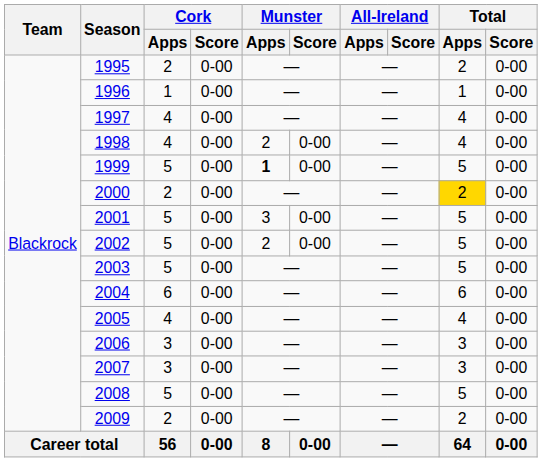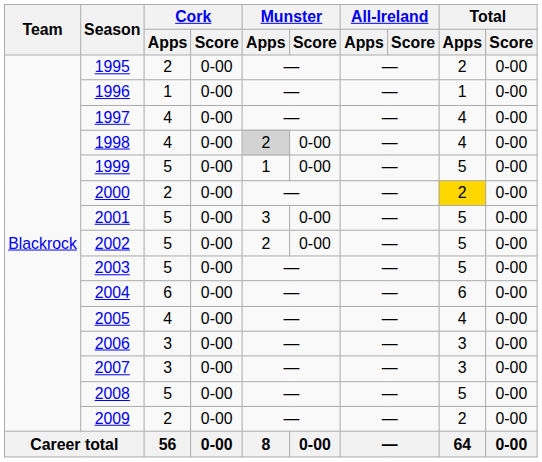 <table class="wikitable" style="text-align:center">
 <tr>
 <th rowspan="2">Team</th>
 <th rowspan="2">Season</th>
 <th colspan="2"><a href='#'>Cork</a></th>
 <th colspan="2"><a href='#'>Munster</a></th>
 <th colspan="2"><a href='#'>All-Ireland</a></th>
 <th colspan="2">Total</th>
 </tr>
 <tr>
 <th>Apps</th>
 <th>Score</th>
 <th>Apps</th>
 <th>Score</th>
 <th>Apps</th>
 <th>Score</th>
 <th>Apps</th>
 <th>Score</th>
 </tr>
 <tr>
 <td rowspan="15"><a href='#'>Blackrock</a></td>
 <td><a href='#'>1995</a></td>
 <td>2</td>
 <td>0-00</td>
 <td colspan=2>—</td>
 <td colspan=2>—</td>
 <td>2</td>
 <td>0-00</td>
 </tr>
 <tr>
 <td><a href='#'>1996</a></td>
 <td>1</td>
 <td>0-00</td>
 <td colspan=2>—</td>
 <td colspan=2>—</td>
 <td>1</td>
 <td>0-00</td>
 </tr>
 <tr>
 <td><a href='#'>1997</a></td>
 <td>4</td>
 <td>0-00</td>
 <td colspan=2>—</td>
 <td colspan=2>—</td>
 <td>4</td>
 <td>0-00</td>
 </tr>
 <tr>
 <td><a href='#'>1998</a></td>
 <td>4</td>
 <td>0-00</td>
-<td>2</td>
+<td style="background: lightgrey;">2</td>
 <td>0-00</td>
 <td colspan=2>—</td>
 <td>4</td>
 <td>0-00</td>
 </tr>
 <tr>
 <td><a href='#'>1999</a></td>
 <td>5</td>
 <td>0-00</td>
-<td><strong>1</strong></td>
+<td>1</td>
 <td>0-00</td>
 <td colspan=2>—</td>
 <td>5</td>
 <td>0-00</td>
 </tr>
 <tr>
 <td><a href='#'>2000</a></td>
 <td>2</td>
 <td>0-00</td>
 <td colspan=2>—</td>
 <td colspan=2>—</td>
 <td style="background: gold;">2</td>
 <td>0-00</td>
 </tr>
 <tr>
 <td><a href='#'>2001</a></td>
 <td>5</td>
 <td>0-00</td>
 <td>3</td>
 <td>0-00</td>
 <td colspan=2>—</td>
 <td>5</td>
 <td>0-00</td>
 </tr>
 <tr>
 <td><a href='#'>2002</a></td>
 <td>5</td>
 <td>0-00</td>
 <td>2</td>
 <td>0-00</td>
 <td colspan=2>—</td>
 <td>5</td>
 <td>0-00</td>
 </tr>
 <tr>
 <td><a href='#'>2003</a></td>
 <td>5</td>
 <td>0-00</td>
 <td colspan=2>—</td>
 <td colspan=2>—</td>
 <td>5</td>
 <td>0-00</td>
 </tr>
 <tr>
 <td><a href='#'>2004</a></td>
 <td>6</td>
 <td>0-00</td>
 <td colspan=2>—</td>
 <td colspan=2>—</td>
 <td>6</td>
 <td>0-00</td>
 </tr>
 <tr>
 <td><a href='#'>2005</a></td>
 <td>4</td>
 <td>0-00</td>
 <td colspan=2>—</td>
 <td colspan=2>—</td>
 <td>4</td>
 <td>0-00</td>
 </tr>
 <tr>
 <td><a href='#'>2006</a></td>
 <td>3</td>
 <td>0-00</td>
 <td colspan=2>—</td>
 <td colspan=2>—</td>
 <td>3</td>
 <td>0-00</td>
 </tr>
 <tr>
 <td><a href='#'>2007</a></td>
 <td>3</td>
 <td>0-00</td>
 <td colspan=2>—</td>
 <td colspan=2>—</td>
 <td>3</td>
 <td>0-00</td>
 </tr>
 <tr>
 <td><a href='#'>2008</a></td>
 <td>5</td>
 <td>0-00</td>
 <td colspan=2>—</td>
 <td colspan=2>—</td>
 <td>5</td>
 <td>0-00</td>
 </tr>
 <tr>
 <td><a href='#'>2009</a></td>
 <td>2</td>
 <td>0-00</td>
 <td colspan=2>—</td>
 <td colspan=2>—</td>
 <td>2</td>
 <td>0-00</td>
 </tr>
 <tr>
 <th colspan="2">Career total</th>
 <th>56</th>
 <th>0-00</th>
 <th>8</th>
 <th>0-00</th>
 <th colspan=2>—</th>
 <th>64</th>
 <th>0-00</th>
 </tr>
 </table>
